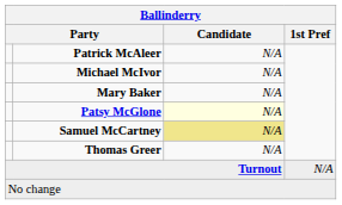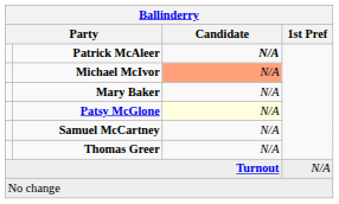 <table class="wikitable">
 <tr>
 <th colspan="4" align="center"><a href='#'>Ballinderry</a></th>
 </tr>
 <tr>
 <th colspan="2" align="center" width=200>Party</th>
 <th width=150>Candidate</th>
 <th width=60>1st Pref</th>
 </tr>
 <tr>
 <td></td>
 <td align="right"><strong>Patrick McAleer</strong></td>
-<td align="right"><em>N/A</em></td>
+<td align="right"><strong><em>N/A</em></strong></td>
 </tr>
 <tr>
 <td></td>
 <td align="right"><strong>Michael McIvor</strong></td>
-<td align="right"><em>N/A</em></td>
+<td align="right" style="background: lightsalmon;"><em>N/A</em></td>
 </tr>
 <tr>
 <td></td>
 <td align="right"><strong>Mary Baker</strong></td>
 <td align="right"><em>N/A</em></td>
 </tr>
 <tr>
 <td></td>
 <td align="right"><strong><a href='#'>Patsy McGlone</a></strong></td>
 <td align="right" style="background: lightyellow;"><em>N/A</em></td>
 </tr>
 <tr>
 <td></td>
 <td align="right"><strong>Samuel McCartney</strong></td>
-<td align="right" style="background: khaki;"><em>N/A</em></td>
+<td align="right"><em>N/A</em></td>
 </tr>
 <tr>
 <td></td>
 <td align="right"><strong>Thomas Greer</strong></td>
 <td align="right"><em>N/A</em></td>
 </tr>
 <tr bgcolor="EEEEEE">
 <td colspan=3 align="right"><strong><a href='#'>Turnout</a></strong></td>
 <td align="right"><em>N/A</em></td>
 </tr>
 <tr>
 <td colspan=4 bgcolor="EEEEEE">No change</td>
 </tr>
 </table>
